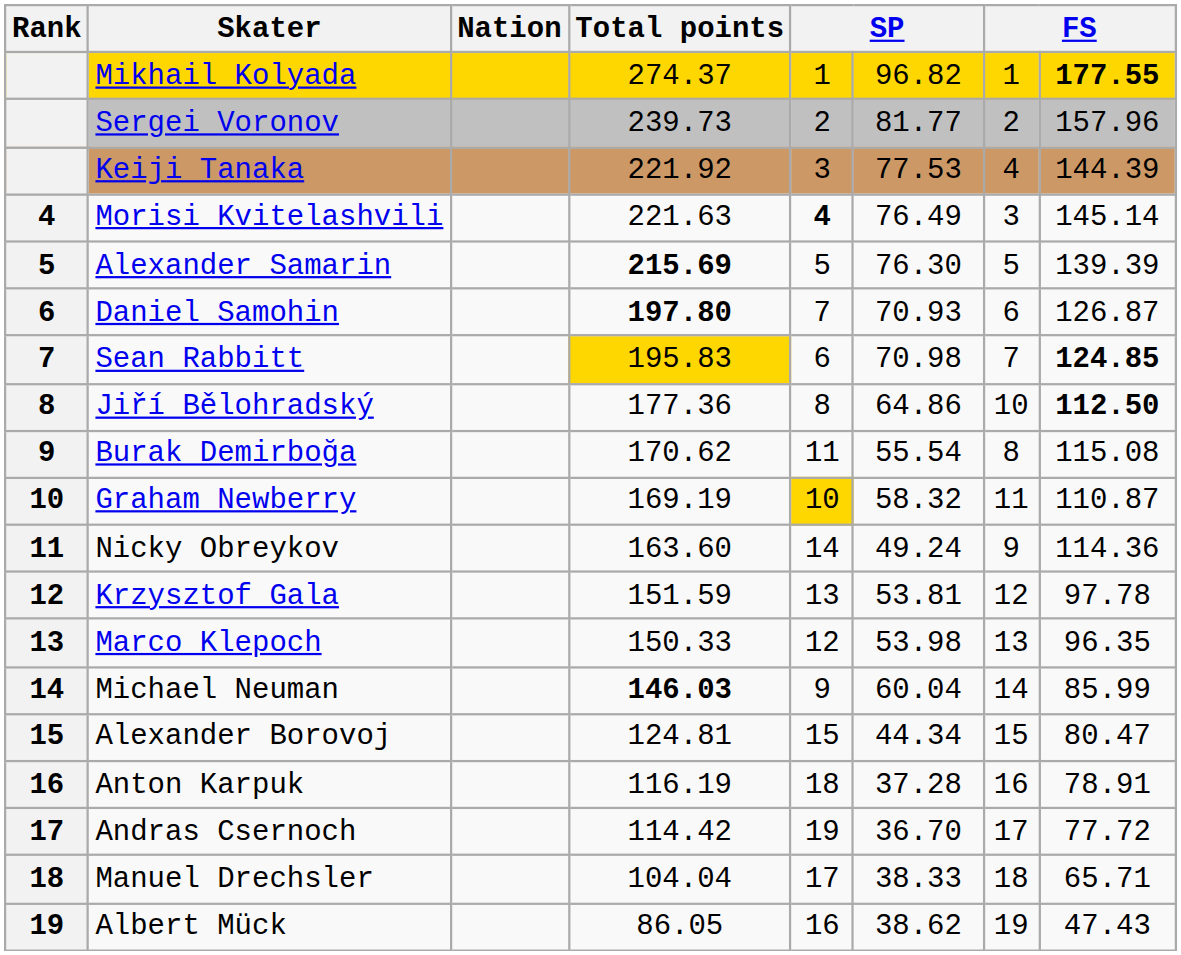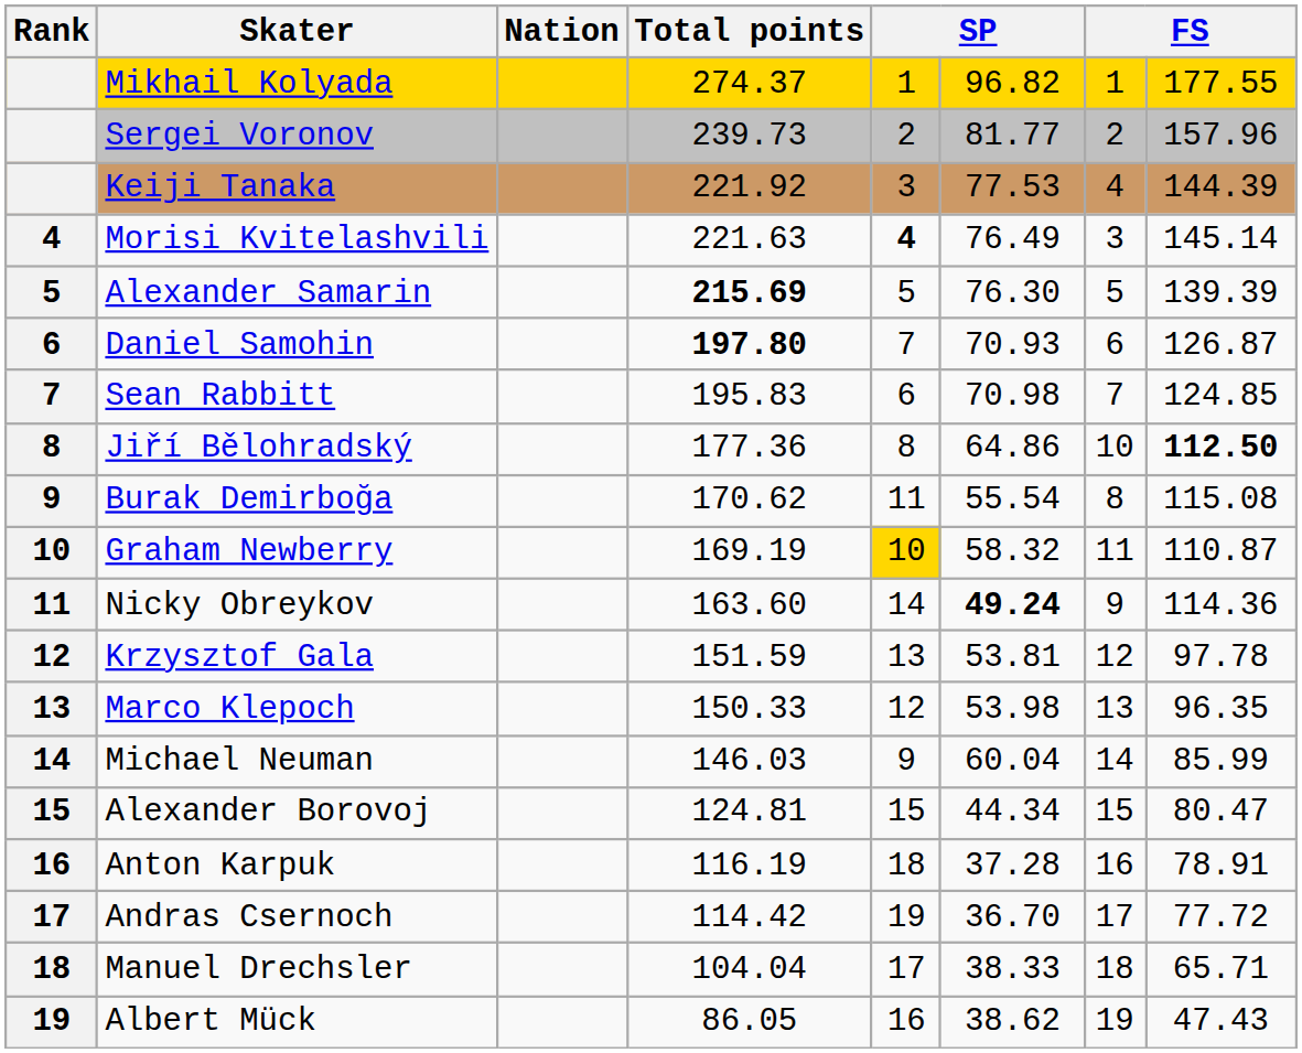 <table class="wikitable sortable" style="text-align:left">
 <tr>
 <th scope="col">Rank</th>
 <th scope="col">Skater</th>
 <th scope="col">Nation</th>
 <th scope="col">Total points</th>
 <th scope="col" colspan="2" width="80px"><a href='#'>SP</a></th>
 <th scope="col" colspan="2" width="80px"><a href='#'>FS</a></th>
 </tr>
 <tr bgcolor="gold">
 <th scope="row"></th>
 <td><a href='#'>Mikhail Kolyada</a></td>
 <td></td>
 <td align="center">274.37</td>
 <td align="center">1</td>
 <td align="center">96.82</td>
 <td align="center">1</td>
-<td align="center"><strong>177.55</strong></td>
+<td align="center">177.55</td>
 </tr>
 <tr bgcolor="silver">
 <th scope="row"></th>
 <td><a href='#'>Sergei Voronov</a></td>
 <td></td>
 <td align="center">239.73</td>
 <td align="center">2</td>
 <td align="center">81.77</td>
 <td align="center">2</td>
 <td align="center">157.96</td>
 </tr>
 <tr bgcolor="cc9966">
 <th scope="row"></th>
 <td><a href='#'>Keiji Tanaka</a></td>
 <td></td>
 <td align="center">221.92</td>
 <td align="center">3</td>
 <td align="center">77.53</td>
 <td align="center">4</td>
 <td align="center">144.39</td>
 </tr>
 <tr>
 <th scope="row">4</th>
 <td><a href='#'>Morisi Kvitelashvili</a></td>
 <td></td>
 <td align="center">221.63</td>
 <td align="center"><strong>4</strong></td>
 <td align="center">76.49</td>
 <td align="center">3</td>
 <td align="center">145.14</td>
 </tr>
 <tr>
 <th scope="row">5</th>
 <td><a href='#'>Alexander Samarin</a></td>
 <td></td>
 <td align="center"><strong>215.69</strong></td>
 <td align="center">5</td>
 <td align="center">76.30</td>
 <td align="center">5</td>
 <td align="center">139.39</td>
 </tr>
 <tr>
 <th scope="row">6</th>
 <td><a href='#'>Daniel Samohin</a></td>
 <td></td>
 <td align="center"><strong>197.80</strong></td>
 <td align="center">7</td>
 <td align="center">70.93</td>
 <td align="center">6</td>
 <td align="center">126.87</td>
 </tr>
 <tr>
 <th scope="row">7</th>
 <td><a href='#'>Sean Rabbitt</a></td>
 <td></td>
-<td align="center" style="background: gold;">195.83</td>
+<td align="center">195.83</td>
 <td align="center">6</td>
 <td align="center">70.98</td>
 <td align="center">7</td>
-<td align="center"><strong>124.85</strong></td>
+<td align="center">124.85</td>
 </tr>
 <tr>
 <th scope="row">8</th>
 <td><a href='#'>Jiří Bělohradský</a></td>
 <td></td>
 <td align="center">177.36</td>
 <td align="center">8</td>
 <td align="center">64.86</td>
 <td align="center">10</td>
 <td align="center"><strong>112.50</strong></td>
 </tr>
 <tr>
 <th scope="row">9</th>
 <td><a href='#'>Burak Demirboğa</a></td>
 <td></td>
 <td align="center">170.62</td>
 <td align="center">11</td>
 <td align="center">55.54</td>
 <td align="center">8</td>
 <td align="center">115.08</td>
 </tr>
 <tr>
 <th scope="row">10</th>
 <td><a href='#'>Graham Newberry</a></td>
 <td></td>
 <td align="center">169.19</td>
 <td align="center" style="background: gold;">10</td>
 <td align="center">58.32</td>
 <td align="center">11</td>
 <td align="center">110.87</td>
 </tr>
 <tr>
 <th scope="row">11</th>
 <td>Nicky Obreykov</td>
 <td></td>
 <td align="center">163.60</td>
 <td align="center">14</td>
-<td align="center">49.24</td>
+<td align="center"><strong>49.24</strong></td>
 <td align="center">9</td>
 <td align="center">114.36</td>
 </tr>
 <tr>
 <th scope="row">12</th>
 <td><a href='#'>Krzysztof Gala</a></td>
 <td></td>
 <td align="center">151.59</td>
 <td align="center">13</td>
 <td align="center">53.81</td>
 <td align="center">12</td>
 <td align="center">97.78</td>
 </tr>
 <tr>
 <th scope="row">13</th>
 <td><a href='#'>Marco Klepoch</a></td>
 <td></td>
 <td align="center">150.33</td>
 <td align="center">12</td>
 <td align="center">53.98</td>
 <td align="center">13</td>
 <td align="center">96.35</td>
 </tr>
 <tr>
 <th scope="row">14</th>
 <td>Michael Neuman</td>
 <td></td>
-<td align="center"><strong>146.03</strong></td>
+<td align="center">146.03</td>
 <td align="center">9</td>
 <td align="center">60.04</td>
 <td align="center">14</td>
 <td align="center">85.99</td>
 </tr>
 <tr>
 <th scope="row">15</th>
 <td>Alexander Borovoj</td>
 <td></td>
 <td align="center">124.81</td>
 <td align="center">15</td>
 <td align="center">44.34</td>
 <td align="center">15</td>
 <td align="center">80.47</td>
 </tr>
 <tr>
 <th scope="row">16</th>
 <td>Anton Karpuk</td>
 <td></td>
 <td align="center">116.19</td>
 <td align="center">18</td>
 <td align="center">37.28</td>
 <td align="center">16</td>
 <td align="center">78.91</td>
 </tr>
 <tr>
 <th scope="row">17</th>
 <td>Andras Csernoch</td>
 <td></td>
 <td align="center">114.42</td>
 <td align="center">19</td>
 <td align="center">36.70</td>
 <td align="center">17</td>
 <td align="center">77.72</td>
 </tr>
 <tr>
 <th scope="row">18</th>
 <td>Manuel Drechsler</td>
 <td></td>
 <td align="center">104.04</td>
 <td align="center">17</td>
 <td align="center">38.33</td>
 <td align="center">18</td>
 <td align="center">65.71</td>
 </tr>
 <tr>
 <th scope="row">19</th>
 <td>Albert Mück</td>
 <td></td>
 <td align="center">86.05</td>
 <td align="center">16</td>
 <td align="center">38.62</td>
 <td align="center">19</td>
 <td align="center">47.43</td>
 </tr>
 </table>
